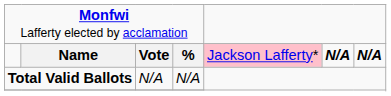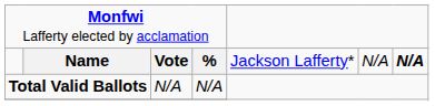 <table class="wikitable">
 <tr>
 <td colspan=4 align=center><strong><a href='#'>Monfwi</a></strong><br><small>Lafferty elected by <a href='#'>acclamation</a></small></td>
 </tr>
 <tr>
 <td></td>
 <th><strong>Name </strong></th>
 <th><strong>Vote</strong></th>
 <th><strong>%</strong><br></th>
-<td style="background: pink;"><a href='#'>Jackson Lafferty</a>*</td>
-<td><strong><em>N/A</em></strong></td>
+<td><a href='#'>Jackson Lafferty</a>*</td>
+<td><em>N/A</em></td>
 <td><strong><em>N/A</em></strong></td>
 </tr>
 <tr>
 <td colspan=2><strong>Total Valid Ballots</strong></td>
 <td><em>N/A</em></td>
 <td><em>N/A</em></td>
 </tr>
 <tr>
 </tr>
 </table>
